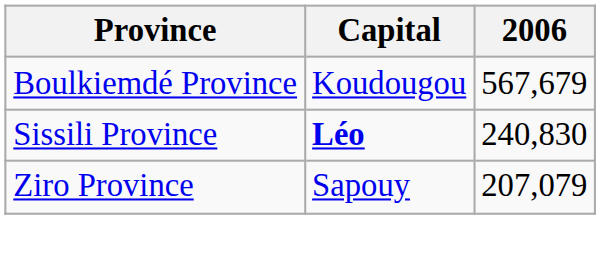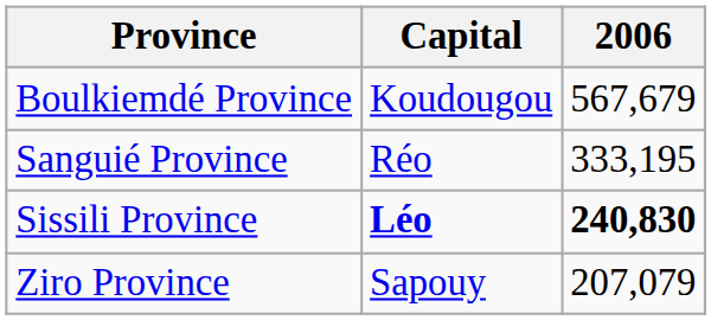 <table class="wikitable" | style="clear:right; float:right;">
 <tr>
 <th>Province</th>
 <th>Capital</th>
 <th>2006</th>
 </tr>
 <tr>
 <td><a href='#'>Boulkiemdé Province</a></td>
 <td><a href='#'>Koudougou</a></td>
 <td>567,679</td>
 </tr>
 <tr>
+<td><a href='#'>Sanguié Province</a></td>
+<td><a href='#'>Réo</a></td>
+<td>333,195</td>
+</tr>
+<tr>
 <td><a href='#'>Sissili Province</a></td>
 <td><strong><a href='#'>Léo</a></strong></td>
-<td>240,830</td>
+<td><strong>240,830</strong></td>
 </tr>
 <tr>
 <td><a href='#'>Ziro Province</a></td>
 <td><a href='#'>Sapouy</a></td>
 <td>207,079</td>
 </tr>
 </table>
